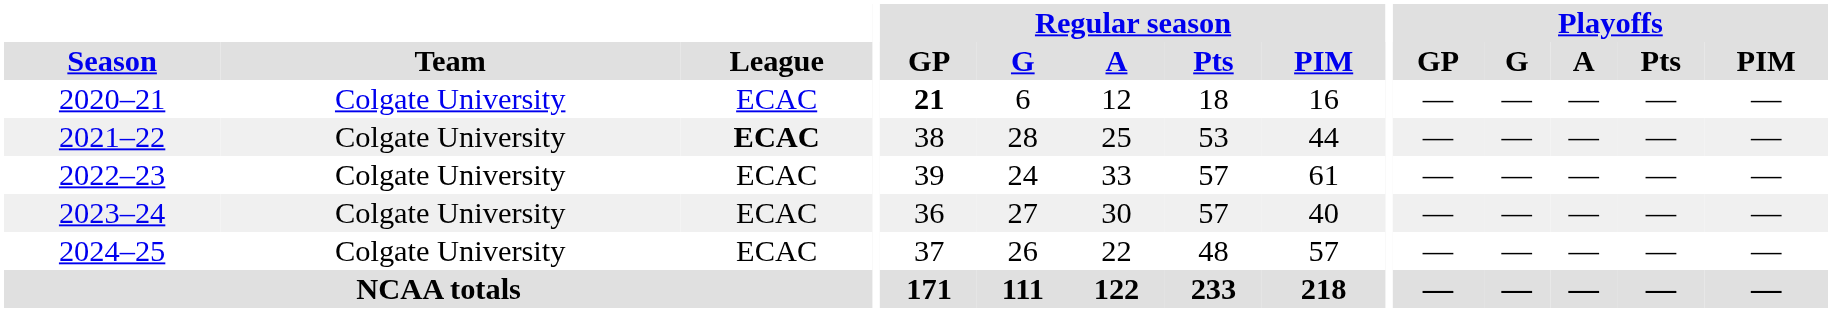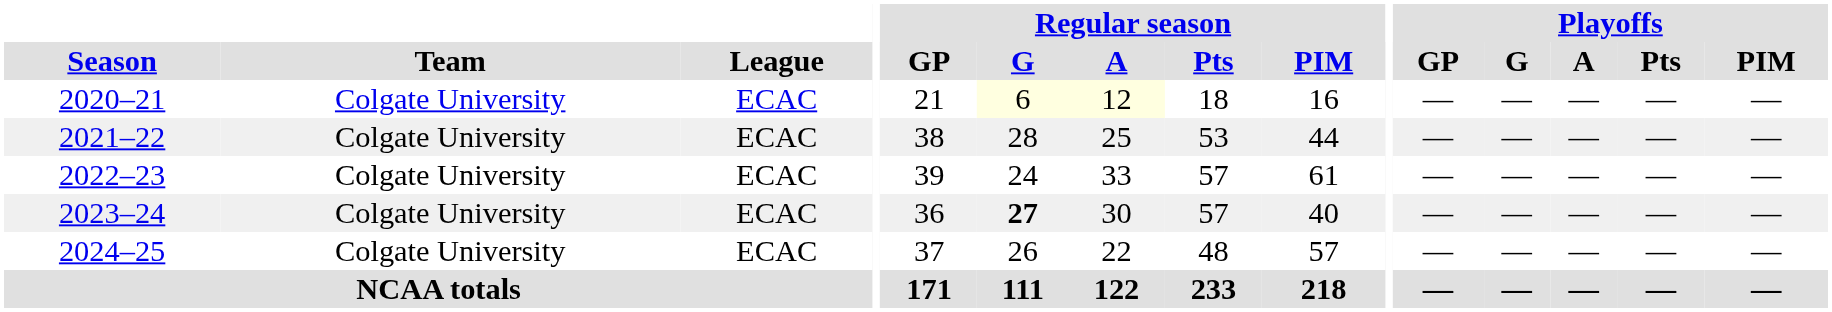 <table border="0" cellpadding="1" cellspacing="0" style="text-align:center; width:60em">
 <tr bgcolor="#e0e0e0">
 <th colspan="3" bgcolor="#ffffff"></th>
 <th rowspan="97" bgcolor="#ffffff"></th>
 <th colspan="5"><a href='#'>Regular season</a></th>
 <th rowspan="97" bgcolor="#ffffff"></th>
 <th colspan="5"><a href='#'>Playoffs</a></th>
 </tr>
 <tr bgcolor="#e0e0e0">
 <th><a href='#'>Season</a></th>
 <th>Team</th>
 <th>League</th>
 <th>GP</th>
 <th><a href='#'>G</a></th>
 <th><a href='#'>A</a></th>
 <th><a href='#'>Pts</a></th>
 <th><a href='#'>PIM</a></th>
 <th>GP</th>
 <th>G</th>
 <th>A</th>
 <th>Pts</th>
 <th>PIM</th>
 </tr>
 <tr>
 <td><a href='#'>2020–21</a></td>
 <td><a href='#'>Colgate University</a></td>
 <td><a href='#'>ECAC</a></td>
-<td><strong>21</strong></td>
-<td>6</td>
-<td>12</td>
+<td>21</td>
+<td style="background: lightyellow;">6</td>
+<td style="background: lightyellow;">12</td>
 <td>18</td>
 <td>16</td>
 <td>—</td>
 <td>—</td>
 <td>—</td>
 <td>—</td>
 <td>—</td>
 </tr>
 <tr bgcolor="#f0f0f0">
 <td><a href='#'>2021–22</a></td>
 <td>Colgate University</td>
-<td><strong>ECAC</strong></td>
+<td>ECAC</td>
 <td>38</td>
 <td>28</td>
 <td>25</td>
 <td>53</td>
 <td>44</td>
 <td>—</td>
 <td>—</td>
 <td>—</td>
 <td>—</td>
 <td>—</td>
 </tr>
 <tr>
 <td><a href='#'>2022–23</a></td>
 <td>Colgate University</td>
 <td>ECAC</td>
 <td>39</td>
 <td>24</td>
 <td>33</td>
 <td>57</td>
 <td>61</td>
 <td>—</td>
 <td>—</td>
 <td>—</td>
 <td>—</td>
 <td>—</td>
 </tr>
 <tr bgcolor="#f0f0f0">
 <td><a href='#'>2023–24</a></td>
 <td>Colgate University</td>
 <td>ECAC</td>
 <td>36</td>
-<td>27</td>
+<td><strong>27</strong></td>
 <td>30</td>
 <td>57</td>
 <td>40</td>
 <td>—</td>
 <td>—</td>
 <td>—</td>
 <td>—</td>
 <td>—</td>
 </tr>
 <tr>
 <td><a href='#'>2024–25</a></td>
 <td>Colgate University</td>
 <td>ECAC</td>
 <td>37</td>
 <td>26</td>
 <td>22</td>
 <td>48</td>
 <td>57</td>
 <td>—</td>
 <td>—</td>
 <td>—</td>
 <td>—</td>
 <td>—</td>
 </tr>
 <tr bgcolor="#e0e0e0">
 <th colspan="3">NCAA totals</th>
 <th>171</th>
 <th>111</th>
 <th>122</th>
 <th>233</th>
 <th>218</th>
 <th>—</th>
 <th>—</th>
 <th>—</th>
 <th>—</th>
 <th>—</th>
 </tr>
 </table>
